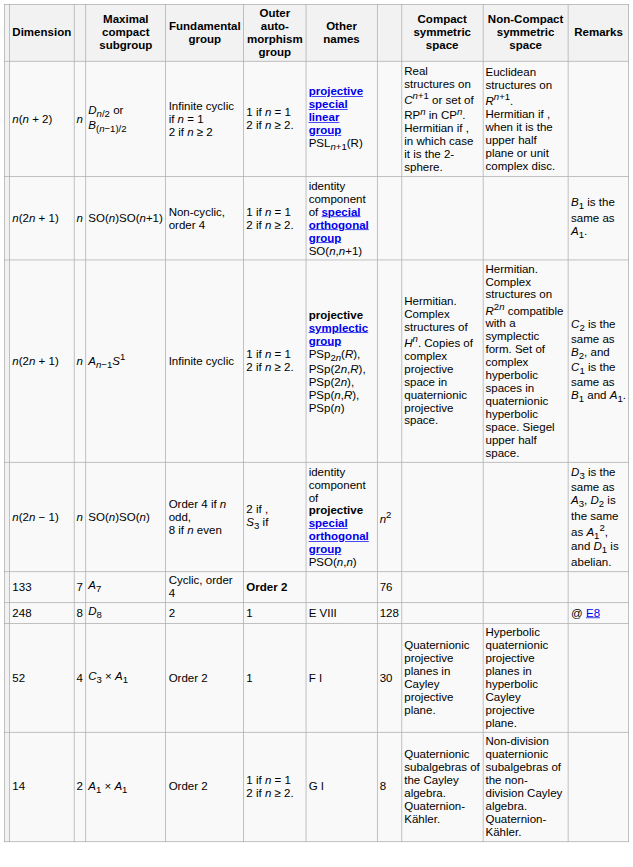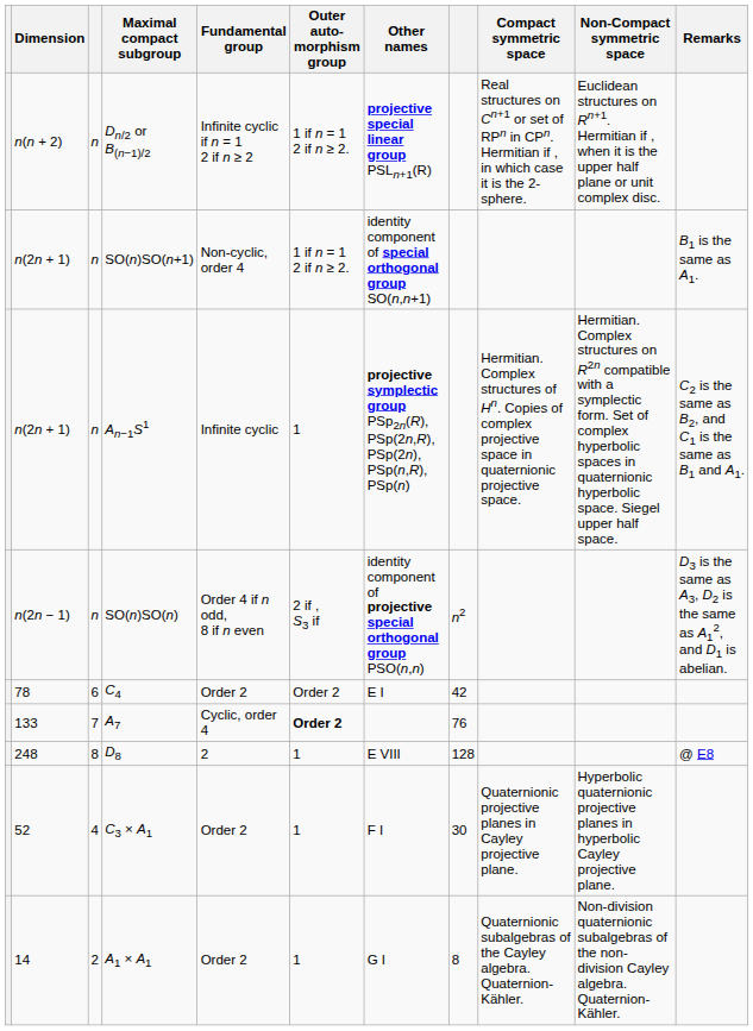 <table class="wikitable sortable sort-under">
 <tr>
 <th></th>
 <th>Dimension</th>
 <th></th>
 <th>Maximal compact<br>subgroup</th>
 <th>Fundamental<br>group</th>
 <th class="unsortable">Outer auto­morphism<br>group</th>
 <th class="unsortable">Other names</th>
 <th></th>
 <th class="unsortable">Compact<br>symmetric space</th>
 <th class="unsortable">Non-Compact<br>symmetric space</th>
 <th class="unsortable">Remarks</th>
 </tr>
 <tr>
 <th></th>
 <td><em>n</em>(<em>n</em> + 2)</td>
 <td><em>n</em></td>
 <td><em>D</em><sub><em>n</em>/2</sub> or <em>B</em><sub>(<em>n</em>−1)/2</sub></td>
 <td>Infinite cyclic if <em>n</em> = 1<br>2 if <em>n</em> ≥ 2</td>
 <td>1 if <em>n</em> = 1<br>2 if <em>n</em> ≥ 2.</td>
 <td><strong><a href='#'>projective special linear group</a></strong><br>PSL<sub><em>n</em>+1</sub>(R)</td>
 <td></td>
 <td>Real structures on <em>C</em><sup><em>n</em>+1</sup> or set of RP<sup><em>n</em></sup> in CP<sup><em>n</em></sup>. Hermitian if , in which case it is the 2-sphere.</td>
 <td>Euclidean structures on <em>R</em><sup><em>n</em>+1</sup>. Hermitian if , when it is the upper half plane or unit complex disc.</td>
 <td></td>
 </tr>
 <tr>
 <th></th>
 <td><em>n</em>(2<em>n</em> + 1)</td>
 <td><em>n</em></td>
 <td>SO(<em>n</em>)SO(<em>n</em>+1)</td>
 <td>Non-cyclic, order 4</td>
 <td>1 if <em>n</em> = 1<br>2 if <em>n</em> ≥ 2.</td>
 <td>identity component of <strong><a href='#'>special orthogonal group</a></strong><br>SO(<em>n</em>,<em>n</em>+1)</td>
 <td></td>
 <td></td>
 <td></td>
 <td><em>B</em><sub>1</sub> is the same as <em>A</em><sub>1</sub>.</td>
 </tr>
 <tr>
 <th></th>
 <td><em>n</em>(2<em>n</em> + 1)</td>
 <td><em>n</em></td>
 <td><em>A</em><sub><em>n</em>−1</sub><em>S</em><sup>1</sup></td>
 <td>Infinite cyclic</td>
-<td>1 if <em>n</em> = 1<br>2 if <em>n</em> ≥ 2.</td>
+<td>1</td>
 <td><strong>projective <a href='#'>symplectic group</a></strong><br>PSp<sub>2<em>n</em></sub>(<em>R</em>), PSp(2<em>n</em>,<em>R</em>), PSp(2<em>n</em>), PSp(<em>n</em>,<em>R</em>), PSp(<em>n</em>)</td>
 <td></td>
 <td>Hermitian. Complex structures of <em>H</em><sup><em>n</em></sup>. Copies of complex projective space in quaternionic projective space.</td>
 <td>Hermitian. Complex structures on <em>R</em><sup>2<em>n</em></sup> compatible with a symplectic form. Set of complex hyperbolic spaces in quaternionic hyperbolic space. Siegel upper half space.</td>
 <td><em>C</em><sub>2</sub> is the same as <em>B</em><sub>2</sub>, and <em>C</em><sub>1</sub> is the same as <em>B</em><sub>1</sub> and <em>A</em><sub>1</sub>.</td>
 </tr>
 <tr>
 <th></th>
 <td><em>n</em>(2<em>n</em> − 1)</td>
 <td><em>n</em></td>
 <td>SO(<em>n</em>)SO(<em>n</em>)</td>
 <td>Order 4 if <em>n</em> odd,<br>8 if <em>n</em> even</td>
 <td>2 if ,<br><em>S</em><sub>3</sub> if </td>
 <td>identity component of <strong>projective <a href='#'>special orthogonal group</a></strong><br>PSO(<em>n</em>,<em>n</em>)</td>
 <td><em>n</em><sup>2</sup></td>
 <td></td>
 <td></td>
 <td><em>D</em><sub>3</sub> is the same as <em>A</em><sub>3</sub>, <em>D</em><sub>2</sub> is the same as <em>A</em><sub>1</sub><sup>2</sup>, and <em>D</em><sub>1</sub> is abelian.</td>
+</tr>
+<tr>
+<th></th>
+<td>78</td>
+<td>6</td>
+<td><em>C</em><sub>4</sub></td>
+<td>Order 2</td>
+<td>Order 2</td>
+<td>E I</td>
+<td>42</td>
+<td></td>
+<td></td>
+<td></td>
 </tr>
 <tr>
 <th></th>
 <td>133</td>
 <td>7</td>
 <td><em>A</em><sub>7</sub></td>
 <td>Cyclic, order 4</td>
 <td><strong>Order 2</strong></td>
 <td></td>
 <td>76</td>
 <td></td>
 <td></td>
 <td></td>
 </tr>
 <tr>
 <th></th>
 <td>248</td>
 <td>8</td>
 <td><em>D</em><sub>8</sub></td>
 <td>2</td>
 <td>1</td>
 <td>E VIII</td>
 <td>128</td>
 <td></td>
 <td></td>
 <td>@ <a href='#'>E8</a></td>
 </tr>
 <tr>
 <th></th>
 <td>52</td>
 <td>4</td>
 <td><em>C</em><sub>3</sub> × <em>A</em><sub>1</sub></td>
 <td>Order 2</td>
 <td>1</td>
 <td>F I</td>
 <td>30</td>
 <td>Quaternionic projective planes in Cayley projective plane.</td>
 <td>Hyperbolic quaternionic projective planes in hyperbolic Cayley projective plane.</td>
 <td></td>
 </tr>
 <tr>
 <th></th>
 <td>14</td>
 <td>2</td>
 <td><em>A</em><sub>1</sub> × <em>A</em><sub>1</sub></td>
 <td>Order 2</td>
-<td>1 if <em>n</em> = 1<br>2 if <em>n</em> ≥ 2.</td>
+<td>1</td>
 <td>G I</td>
 <td>8</td>
 <td>Quaternionic subalgebras of the Cayley algebra. Quaternion-Kähler.</td>
 <td>Non-division quaternionic subalgebras of the non-division Cayley algebra. Quaternion-Kähler.</td>
 <td></td>
 </tr>
 </table>
